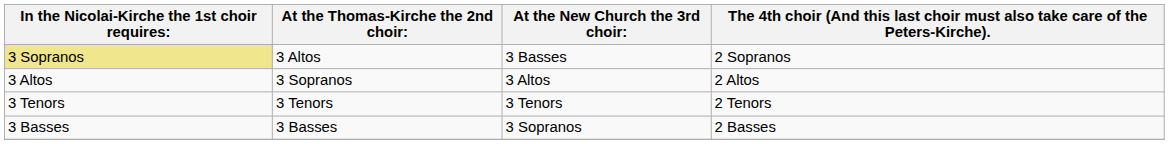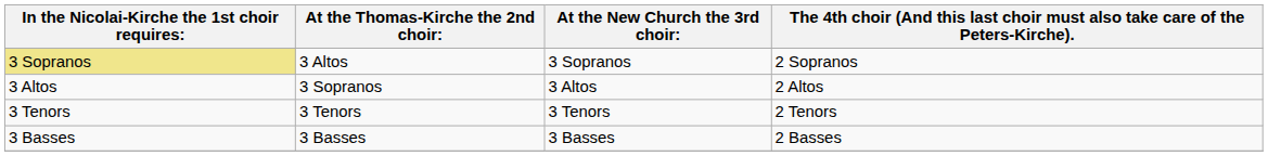 <table class="wikitable">
 <tr>
 <th>In the Nicolai-Kirche the 1st choir requires:</th>
 <th>At the Thomas-Kirche the 2nd choir:</th>
 <th>At the New Church the 3rd choir:</th>
 <th>The 4th choir (And this last choir must also take care of the Peters-Kirche).</th>
 </tr>
 <tr>
 <td style="background: khaki;">3 Sopranos</td>
 <td>3 Altos</td>
-<td>3 Basses</td>
+<td>3 Sopranos</td>
 <td>2 Sopranos</td>
 </tr>
 <tr>
 <td>3 Altos</td>
 <td>3 Sopranos</td>
 <td>3 Altos</td>
 <td>2 Altos</td>
 </tr>
 <tr>
 <td>3 Tenors</td>
 <td>3 Tenors</td>
 <td>3 Tenors</td>
 <td>2 Tenors</td>
 </tr>
 <tr>
 <td>3 Basses</td>
 <td>3 Basses</td>
-<td>3 Sopranos</td>
+<td>3 Basses</td>
 <td>2 Basses</td>
 </tr>
 <tr>
 </tr>
 </table>
